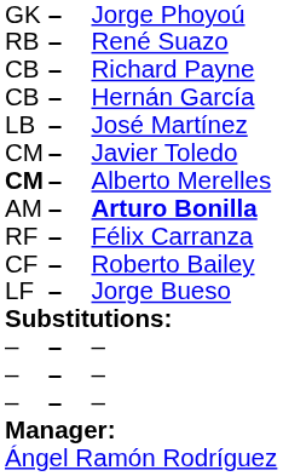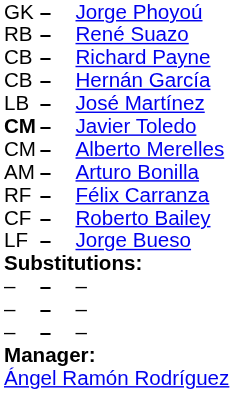 <table style = "font-size: 90%" cellspacing = "0" cellpadding = "0">
 <tr>
 <td colspan = 4></td>
 </tr>
 <tr>
 <th width = "25"></th>
 <th width = "25"></th>
 </tr>
 <tr>
 <td>GK</td>
 <td><strong>–</strong></td>
 <td> <a href='#'>Jorge Phoyoú</a></td>
 </tr>
 <tr>
 <td>RB</td>
 <td><strong>–</strong></td>
 <td> <a href='#'>René Suazo</a></td>
 </tr>
 <tr>
 <td>CB</td>
 <td><strong>–</strong></td>
 <td> <a href='#'>Richard Payne</a></td>
 </tr>
 <tr>
 <td>CB</td>
 <td><strong>–</strong></td>
 <td> <a href='#'>Hernán García</a></td>
 </tr>
 <tr>
 <td>LB</td>
 <td><strong>–</strong></td>
 <td> <a href='#'>José Martínez</a></td>
 </tr>
 <tr>
-<td>CM</td>
+<td><strong>CM</strong></td>
 <td><strong>–</strong></td>
 <td> <a href='#'>Javier Toledo</a></td>
 </tr>
 <tr>
-<td><strong>CM</strong></td>
+<td>CM</td>
 <td><strong>–</strong></td>
 <td> <a href='#'>Alberto Merelles</a></td>
 </tr>
 <tr>
 <td>AM</td>
 <td><strong>–</strong></td>
-<td><strong> <a href='#'>Arturo Bonilla</a></strong></td>
+<td> <a href='#'>Arturo Bonilla</a></td>
 </tr>
 <tr>
 <td>RF</td>
 <td><strong>–</strong></td>
 <td> <a href='#'>Félix Carranza</a></td>
 </tr>
 <tr>
 <td>CF</td>
 <td><strong>–</strong></td>
 <td> <a href='#'>Roberto Bailey</a></td>
 </tr>
 <tr>
 <td>LF</td>
 <td><strong>–</strong></td>
 <td> <a href='#'>Jorge Bueso</a></td>
 </tr>
 <tr>
 <td colspan = 3><strong>Substitutions:</strong></td>
 </tr>
 <tr>
 <td>–</td>
 <td><strong>–</strong></td>
 <td> –</td>
 </tr>
 <tr>
 <td>–</td>
 <td><strong>–</strong></td>
 <td> –</td>
 </tr>
 <tr>
 <td>–</td>
 <td><strong>–</strong></td>
 <td> –</td>
 </tr>
 <tr>
 <td colspan = 3><strong>Manager:</strong></td>
 </tr>
 <tr>
 <td colspan = 3> <a href='#'>Ángel Ramón Rodríguez</a></td>
 </tr>
 </table>
